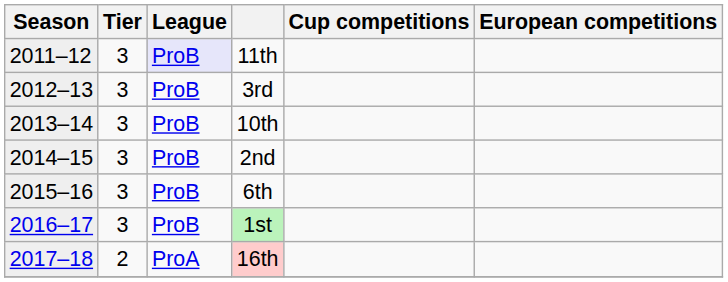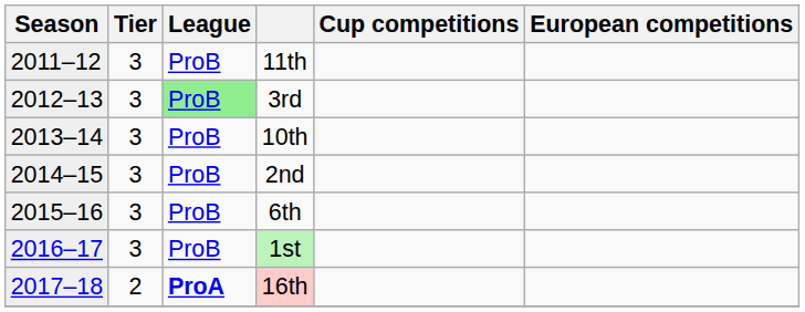 <table class="wikitable" style="font-size:95%">
 <tr>
 <th>Season</th>
 <th>Tier</th>
 <th>League</th>
 <th></th>
 <th>Cup competitions</th>
 <th>European competitions</th>
 </tr>
 <tr>
 <td style="background:#efefef;">2011–12</td>
 <td align="center">3</td>
-<td style="background: lavender;"><a href='#'>ProB</a></td>
+<td><a href='#'>ProB</a></td>
 <td align="center">11th</td>
 <td></td>
 <td></td>
 </tr>
 <tr>
 <td style="background:#efefef;">2012–13</td>
 <td align="center">3</td>
-<td><a href='#'>ProB</a></td>
+<td style="background: lightgreen;"><a href='#'>ProB</a></td>
 <td align="center">3rd</td>
 <td></td>
 <td></td>
 </tr>
 <tr>
 <td style="background:#efefef;">2013–14</td>
 <td align="center">3</td>
 <td><a href='#'>ProB</a></td>
 <td align="center">10th</td>
 <td></td>
 <td></td>
 </tr>
 <tr>
 <td style="background:#efefef;">2014–15</td>
 <td align="center">3</td>
 <td><a href='#'>ProB</a></td>
 <td align="center">2nd</td>
 <td></td>
 <td></td>
 </tr>
 <tr>
 <td style="background:#efefef;">2015–16</td>
 <td align="center">3</td>
 <td><a href='#'>ProB</a></td>
 <td align="center">6th</td>
 <td></td>
 <td></td>
 </tr>
 <tr>
 <td style="background:#efefef;"><a href='#'>2016–17</a></td>
 <td align="center">3</td>
 <td><a href='#'>ProB</a></td>
 <td style="background:#BBF3BB;" align="center">1st</td>
 <td></td>
 <td></td>
 </tr>
 <tr>
 <td style="background:#efefef;"><a href='#'>2017–18</a></td>
 <td align="center">2</td>
-<td><a href='#'>ProA</a></td>
+<td><strong><a href='#'>ProA</a></strong></td>
 <td style="background:#fcc;" align="center">16th</td>
 <td></td>
 <td></td>
 </tr>
 <tr>
 </tr>
 </table>
